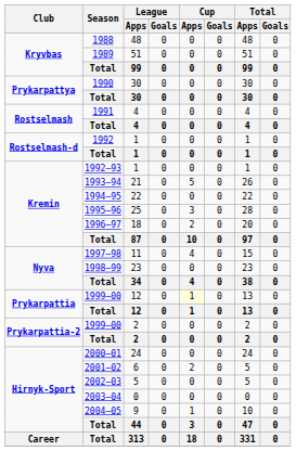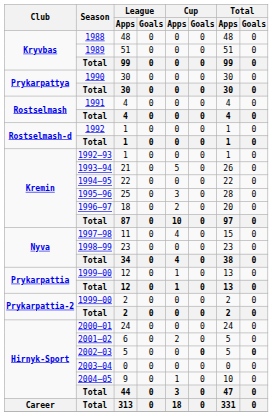 <table class="wikitable sortable" style="text-align: center;">
 <tr>
 <th rowspan="2">Club</th>
 <th rowspan="2">Season</th>
 <th colspan="2">League</th>
 <th colspan="2">Cup</th>
 <th colspan="2">Total</th>
 </tr>
 <tr>
 <th>Apps</th>
 <th>Goals</th>
 <th>Apps</th>
 <th>Goals</th>
 <th>Apps</th>
 <th>Goals</th>
 </tr>
 <tr>
 <td rowspan="3"><strong><a href='#'>Kryvbas</a></strong></td>
 <td><a href='#'>1988</a></td>
 <td>48</td>
 <td>0</td>
 <td>0</td>
 <td>0</td>
 <td>48</td>
 <td>0</td>
 </tr>
 <tr>
 <td><a href='#'>1989</a></td>
 <td>51</td>
 <td>0</td>
 <td>0</td>
 <td>0</td>
 <td>51</td>
 <td>0</td>
 </tr>
 <tr>
 <th>Total</th>
 <th>99</th>
 <th>0</th>
 <th>0</th>
 <th>0</th>
 <th>99</th>
 <th>0</th>
 </tr>
 <tr>
 <td rowspan="2"><strong><a href='#'>Prykarpattya</a></strong></td>
 <td><a href='#'>1990</a></td>
 <td>30</td>
 <td>0</td>
 <td>0</td>
 <td>0</td>
 <td>30</td>
 <td>0</td>
 </tr>
 <tr>
 <th>Total</th>
 <th>30</th>
 <th>0</th>
 <th>0</th>
 <th>0</th>
 <th>30</th>
 <th>0</th>
 </tr>
 <tr>
 <td rowspan="2"><strong><a href='#'>Rostselmash</a></strong></td>
 <td><a href='#'>1991</a></td>
 <td>4</td>
 <td>0</td>
 <td>0</td>
 <td>0</td>
 <td>4</td>
 <td>0</td>
 </tr>
 <tr>
 <th>Total</th>
 <th>4</th>
 <th>0</th>
 <th>0</th>
 <th>0</th>
 <th>4</th>
 <th>0</th>
 </tr>
 <tr>
 <td rowspan="2"><strong><a href='#'>Rostselmash-d</a></strong></td>
 <td><a href='#'>1992</a></td>
 <td>1</td>
 <td>0</td>
 <td>0</td>
 <td>0</td>
 <td>1</td>
 <td>0</td>
 </tr>
 <tr>
 <th>Total</th>
 <th>1</th>
 <th>0</th>
 <th>0</th>
 <th>0</th>
 <th>1</th>
 <th>0</th>
 </tr>
 <tr>
 <td rowspan="6"><strong><a href='#'>Kremin</a></strong></td>
 <td><a href='#'>1992–93</a></td>
 <td>1</td>
 <td>0</td>
 <td>0</td>
 <td>0</td>
 <td>1</td>
 <td>0</td>
 </tr>
 <tr>
 <td><a href='#'>1993–94</a></td>
 <td>21</td>
 <td>0</td>
 <td>5</td>
 <td>0</td>
 <td>26</td>
 <td>0</td>
 </tr>
 <tr>
 <td><a href='#'>1994–95</a></td>
 <td>22</td>
 <td>0</td>
 <td>0</td>
 <td>0</td>
 <td>22</td>
 <td>0</td>
 </tr>
 <tr>
 <td><a href='#'>1995–96</a></td>
 <td>25</td>
 <td>0</td>
 <td>3</td>
 <td>0</td>
 <td>28</td>
 <td>0</td>
 </tr>
 <tr>
 <td><a href='#'>1996–97</a></td>
 <td>18</td>
 <td>0</td>
 <td>2</td>
 <td>0</td>
 <td>20</td>
 <td>0</td>
 </tr>
 <tr>
 <th>Total</th>
 <th>87</th>
 <th>0</th>
 <th>10</th>
 <th>0</th>
 <th>97</th>
 <th>0</th>
 </tr>
 <tr>
 <td rowspan="3"><strong><a href='#'>Nyva</a></strong></td>
 <td><a href='#'>1997–98</a></td>
 <td>11</td>
 <td>0</td>
 <td>4</td>
 <td>0</td>
 <td>15</td>
 <td>0</td>
 </tr>
 <tr>
 <td><a href='#'>1998–99</a></td>
 <td>23</td>
 <td>0</td>
 <td>0</td>
 <td>0</td>
 <td>23</td>
 <td>0</td>
 </tr>
 <tr>
 <th>Total</th>
 <th>34</th>
 <th>0</th>
 <th>4</th>
 <th>0</th>
 <th>38</th>
 <th>0</th>
 </tr>
 <tr>
 <td rowspan="2"><strong><a href='#'>Prykarpattia</a></strong></td>
 <td><a href='#'>1999–00</a></td>
 <td>12</td>
 <td>0</td>
-<td style="background: lightyellow;">1</td>
+<td>1</td>
 <td>0</td>
 <td>13</td>
 <td>0</td>
 </tr>
 <tr>
 <th>Total</th>
 <th>12</th>
 <th>0</th>
 <th>1</th>
 <th>0</th>
 <th>13</th>
 <th>0</th>
 </tr>
 <tr>
 <td rowspan="2"><strong><a href='#'>Prykarpattia-2</a></strong></td>
 <td><a href='#'>1999–00</a></td>
 <td>2</td>
 <td>0</td>
 <td>0</td>
 <td>0</td>
 <td>2</td>
 <td>0</td>
 </tr>
 <tr>
 <th>Total</th>
 <th>2</th>
 <th>0</th>
 <th>0</th>
 <th>0</th>
 <th>2</th>
 <th>0</th>
 </tr>
 <tr>
 <td rowspan="6"><strong><a href='#'>Hirnyk-Sport</a></strong></td>
 <td><a href='#'>2000–01</a></td>
 <td>24</td>
 <td>0</td>
 <td>0</td>
 <td>0</td>
 <td>24</td>
 <td>0</td>
 </tr>
 <tr>
 <td><a href='#'>2001–02</a></td>
 <td>6</td>
 <td>0</td>
 <td>2</td>
 <td>0</td>
 <td>5</td>
 <td>0</td>
 </tr>
 <tr>
 <td><a href='#'>2002–03</a></td>
 <td>5</td>
 <td>0</td>
 <td>0</td>
-<td>0</td>
+<td><strong>0</strong></td>
 <td>5</td>
-<td>0</td>
+<td><strong>0</strong></td>
 </tr>
 <tr>
 <td><a href='#'>2003–04</a></td>
 <td>0</td>
 <td>0</td>
 <td>0</td>
 <td>0</td>
 <td>0</td>
 <td>0</td>
 </tr>
 <tr>
 <td><a href='#'>2004–05</a></td>
 <td>9</td>
 <td>0</td>
 <td>1</td>
 <td>0</td>
 <td>10</td>
 <td>0</td>
 </tr>
 <tr>
 <th>Total</th>
 <th>44</th>
 <th>0</th>
 <th>3</th>
 <th>0</th>
 <th>47</th>
 <th>0</th>
 </tr>
 <tr>
 <th>Career</th>
 <th>Total</th>
 <th>313</th>
 <th>0</th>
 <th>18</th>
 <th>0</th>
 <th>331</th>
 <th>0</th>
 </tr>
 <tr>
 </tr>
 </table>
